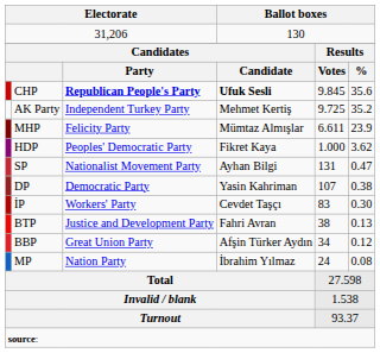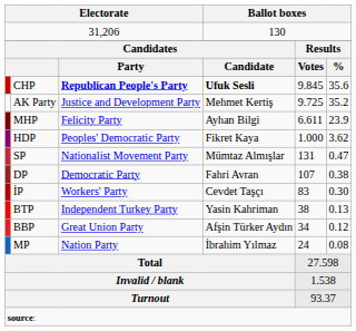 <table class="wikitable">
 <tr style="background-color:#F2F2F2">
 <td align="center" colspan="3"><strong>Electorate</strong></td>
 <td align="center" colspan="7"><strong>Ballot boxes</strong></td>
 </tr>
 <tr align="left">
 <td align="center" colspan="3">31,206</td>
 <td align="center" colspan="7">130</td>
 </tr>
 <tr>
 </tr>
 <tr style="background-color:#E9E9E9">
 </tr>
 <tr>
 <th align="center" colspan="4">Candidates</th>
 <th align="center" colspan="6">Results</th>
 </tr>
 <tr style="background-color:#E9E9E9">
 <th align="center" colspan="2"></th>
 <th align="center">Party</th>
 <th align="center">Candidate</th>
 <th align="center">Votes</th>
 <th align="center">%</th>
 </tr>
 <tr align="left">
 <td bgcolor="#d50000" width=1></td>
 <td>CHP</td>
 <td><strong><a href='#'>Republican People's Party</a></strong></td>
 <td><strong>Ufuk Sesli</strong></td>
 <td>9.845</td>
 <td>35.6</td>
 </tr>
 <tr align="left">
 <td></td>
 <td>AK Party</td>
-<td><a href='#'>Independent Turkey Party</a></td>
+<td><a href='#'>Justice and Development Party</a></td>
 <td>Mehmet Kertiş</td>
 <td>9.725</td>
 <td>35.2</td>
 </tr>
 <tr align="left">
 <td bgcolor="#870000" width=1></td>
 <td>MHP</td>
 <td><a href='#'>Felicity Party</a></td>
-<td>Mümtaz Almışlar</td>
+<td>Ayhan Bilgi</td>
 <td>6.611</td>
 <td>23.9</td>
 </tr>
 <tr align="left">
 <td bgcolor="#91007B" width=1></td>
 <td>HDP</td>
 <td><a href='#'>Peoples' Democratic Party</a></td>
 <td>Fikret Kaya</td>
 <td>1.000</td>
 <td>3.62</td>
 </tr>
 <tr align="left">
 <td bgcolor="#D02433" width=1></td>
 <td>SP</td>
 <td><a href='#'>Nationalist Movement Party</a></td>
-<td>Ayhan Bilgi</td>
+<td>Mümtaz Almışlar</td>
 <td>131</td>
 <td>0.47</td>
 </tr>
 <tr align="left">
 <td bgcolor="#9D1D1E" width=1></td>
 <td>DP</td>
 <td><a href='#'>Democratic Party</a></td>
-<td>Yasin Kahriman</td>
+<td>Fahri Avran</td>
 <td>107</td>
 <td>0.38</td>
 </tr>
 <tr align="left">
 <td bgcolor="#BB0000" width=1></td>
 <td>İP</td>
 <td><a href='#'>Workers' Party</a></td>
 <td>Cevdet Taşçı</td>
 <td>83</td>
 <td>0.30</td>
 </tr>
 <tr align="left">
 <td bgcolor="#FE0000" width=1></td>
 <td>BTP</td>
-<td><a href='#'>Justice and Development Party</a></td>
-<td>Fahri Avran</td>
+<td><a href='#'>Independent Turkey Party</a></td>
+<td>Yasin Kahriman</td>
 <td>38</td>
 <td>0.13</td>
 </tr>
 <tr align="left">
 <td bgcolor="#ED1C24" width=1></td>
 <td>BBP</td>
 <td><a href='#'>Great Union Party</a></td>
 <td>Afşin Türker Aydın</td>
 <td>34</td>
 <td>0.12</td>
 </tr>
 <tr align="left">
 <td bgcolor="#0C63CA" width=1></td>
 <td>MP</td>
 <td><a href='#'>Nation Party</a></td>
 <td>İbrahim Yılmaz</td>
 <td>24</td>
 <td>0.08</td>
 </tr>
 <tr style="background-color:#E9E9E9" align="left">
 <th align="center" colspan="4"><strong>Total</strong></th>
 <td align="center" colspan="5">27.598</td>
 </tr>
 <tr style="background-color:#E9E9E9" align="left">
 <th align="center" colspan="4"><em>Invalid / blank</em></th>
 <td align="center" colspan="5">1.538</td>
 </tr>
 <tr style="background-color:#E9E9E9" align="left">
 <th align="center" colspan="4"><em>Turnout</em></th>
 <td align="center" colspan="5">93.37</td>
 </tr>
 <tr>
 <td align="left" colspan=10><small><strong>source</strong>: </small></td>
 </tr>
 </table>
